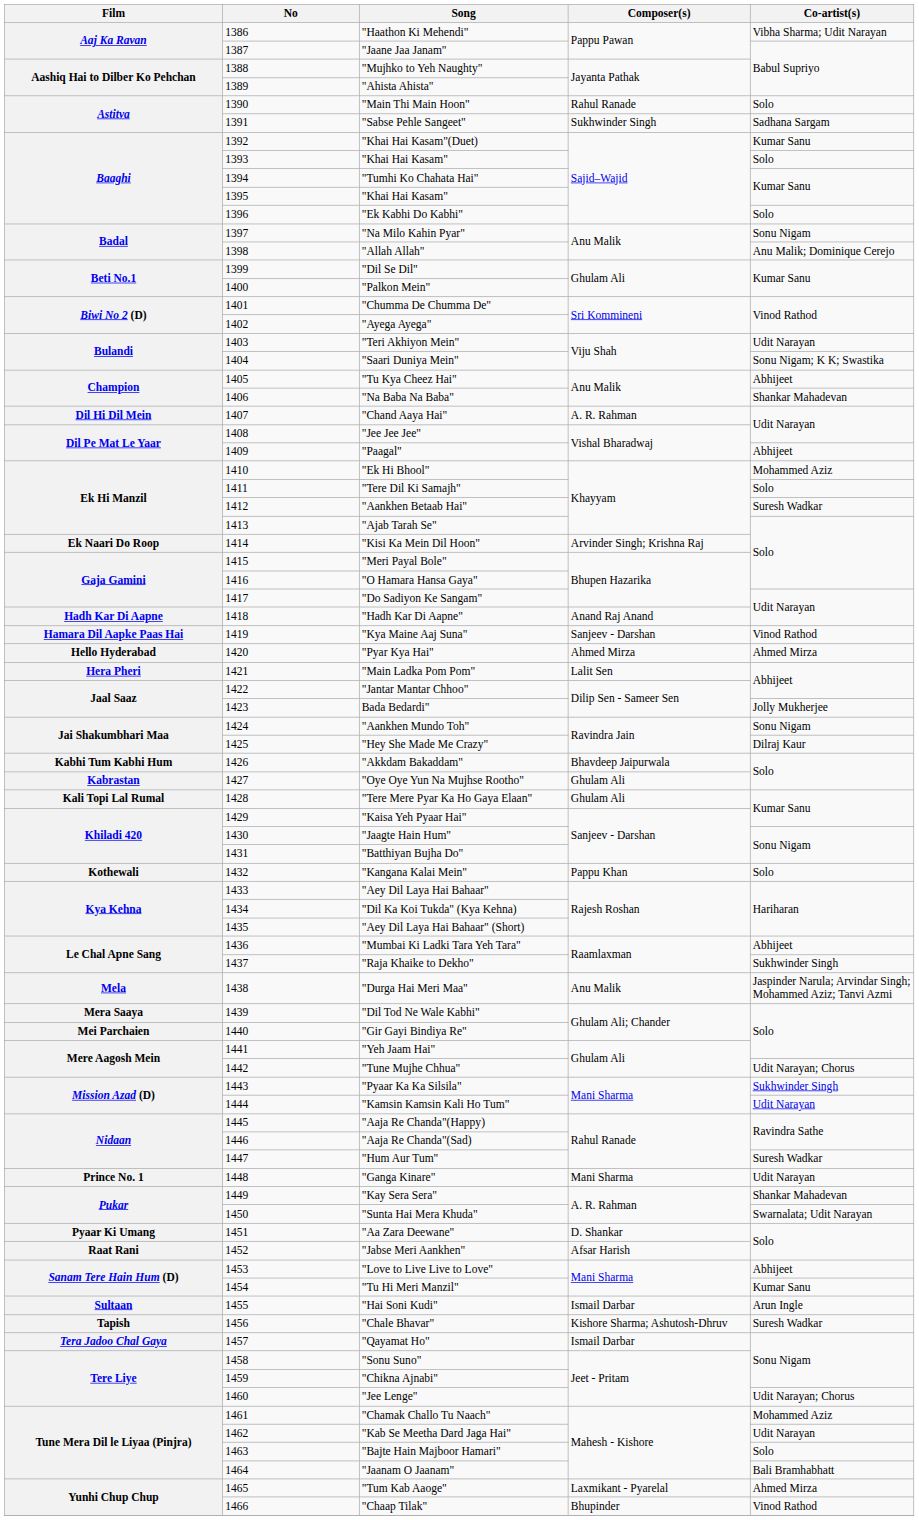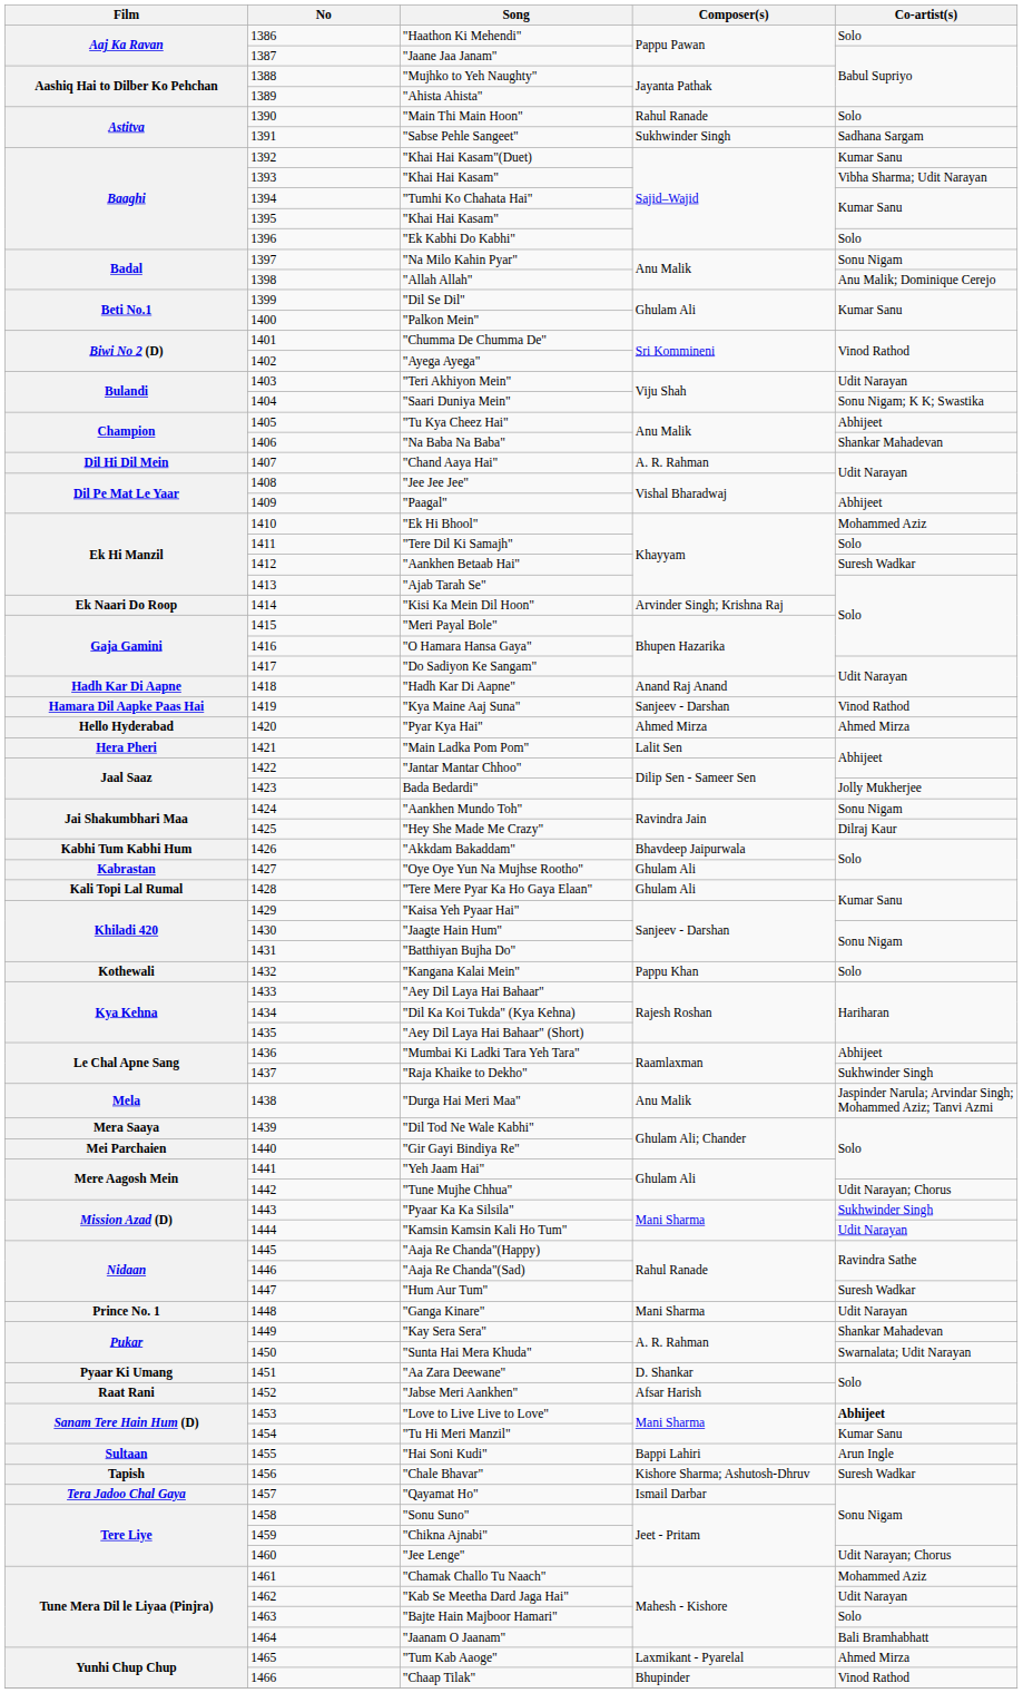 <table class="wikitable plainrowheaders" style="width:100%; textcolor:#000">
 <tr>
 <th scope="col" style="width:24%;">Film</th>
 <th>No</th>
 <th scope="col" style="width:23%;">Song</th>
 <th scope="col" style="width:20%;">Composer(s)</th>
 <th scope="col" style="width:18%;">Co-artist(s)</th>
 </tr>
 <tr>
 <th rowspan="2"><em><a href='#'>Aaj Ka Ravan</a></em></th>
 <td>1386</td>
 <td>"Haathon Ki Mehendi"</td>
 <td rowspan="2">Pappu Pawan</td>
-<td>Vibha Sharma; Udit Narayan</td>
+<td>Solo</td>
 </tr>
 <tr>
 <td>1387</td>
 <td>"Jaane Jaa Janam"</td>
 <td rowspan="3">Babul Supriyo</td>
 </tr>
 <tr>
 <th rowspan="2">Aashiq Hai to Dilber Ko Pehchan</th>
 <td>1388</td>
 <td>"Mujhko to Yeh Naughty"</td>
 <td rowspan="2">Jayanta Pathak</td>
 </tr>
 <tr>
 <td>1389</td>
 <td>"Ahista Ahista"</td>
 </tr>
 <tr>
 <th rowspan="2"><em><a href='#'>Astitva</a></em></th>
 <td>1390</td>
 <td>"Main Thi Main Hoon"</td>
 <td>Rahul Ranade</td>
 <td>Solo</td>
 </tr>
 <tr>
 <td>1391</td>
 <td>"Sabse Pehle Sangeet"</td>
 <td>Sukhwinder Singh</td>
 <td>Sadhana Sargam</td>
 </tr>
 <tr>
 <th rowspan="5"><a href='#'><em>Baaghi</em></a></th>
 <td>1392</td>
 <td>"Khai Hai Kasam"(Duet)</td>
 <td rowspan="5"><a href='#'>Sajid–Wajid</a></td>
 <td>Kumar Sanu</td>
 </tr>
 <tr>
 <td>1393</td>
 <td>"Khai Hai Kasam"</td>
-<td>Solo</td>
+<td>Vibha Sharma; Udit Narayan</td>
 </tr>
 <tr>
 <td>1394</td>
 <td>"Tumhi Ko Chahata Hai"</td>
 <td rowspan="2">Kumar Sanu</td>
 </tr>
 <tr>
 <td>1395</td>
 <td>"Khai Hai Kasam"</td>
 </tr>
 <tr>
 <td>1396</td>
 <td>"Ek Kabhi Do Kabhi"</td>
 <td>Solo</td>
 </tr>
 <tr>
 <th rowspan="2"><a href='#'>Badal</a></th>
 <td>1397</td>
 <td>"Na Milo Kahin Pyar"</td>
 <td rowspan="2">Anu Malik</td>
 <td>Sonu Nigam</td>
 </tr>
 <tr>
 <td>1398</td>
 <td>"Allah Allah"</td>
 <td>Anu Malik; Dominique Cerejo</td>
 </tr>
 <tr>
 <th rowspan="2"><a href='#'>Beti No.1</a></th>
 <td>1399</td>
 <td>"Dil Se Dil"</td>
 <td rowspan="2">Ghulam Ali</td>
 <td rowspan="2">Kumar Sanu</td>
 </tr>
 <tr>
 <td>1400</td>
 <td>"Palkon Mein"</td>
 </tr>
 <tr>
 <th rowspan="2"><a href='#'><em>Biwi No 2</em></a> (D)</th>
 <td>1401</td>
 <td>"Chumma De Chumma De"</td>
 <td rowspan="2"><a href='#'>Sri Kommineni</a></td>
 <td rowspan="2">Vinod Rathod</td>
 </tr>
 <tr>
 <td>1402</td>
 <td>"Ayega Ayega"</td>
 </tr>
 <tr>
 <th rowspan="2"><a href='#'>Bulandi</a></th>
 <td>1403</td>
 <td>"Teri Akhiyon Mein"</td>
 <td rowspan=2>Viju Shah</td>
 <td>Udit Narayan</td>
 </tr>
 <tr>
 <td>1404</td>
 <td>"Saari Duniya Mein"</td>
 <td>Sonu Nigam; K K; Swastika</td>
 </tr>
 <tr>
 <th rowspan="2"><a href='#'>Champion</a></th>
 <td>1405</td>
 <td>"Tu Kya Cheez Hai"</td>
 <td rowspan="2">Anu Malik</td>
 <td>Abhijeet</td>
 </tr>
 <tr>
 <td>1406</td>
 <td>"Na Baba Na Baba"</td>
 <td>Shankar Mahadevan</td>
 </tr>
 <tr>
 <th><a href='#'>Dil Hi Dil Mein</a></th>
 <td>1407</td>
 <td>"Chand Aaya Hai"</td>
 <td>A. R. Rahman</td>
 <td rowspan="2">Udit Narayan</td>
 </tr>
 <tr>
 <th rowspan="2"><a href='#'>Dil Pe Mat Le Yaar</a></th>
 <td>1408</td>
 <td>"Jee Jee Jee"</td>
 <td rowspan="2">Vishal Bharadwaj</td>
 </tr>
 <tr>
 <td>1409</td>
 <td>"Paagal"</td>
 <td>Abhijeet</td>
 </tr>
 <tr>
 <th rowspan="4">Ek Hi Manzil</th>
 <td>1410</td>
 <td>"Ek Hi Bhool"</td>
 <td rowspan="4">Khayyam</td>
 <td>Mohammed Aziz</td>
 </tr>
 <tr>
 <td>1411</td>
 <td>"Tere Dil Ki Samajh"</td>
 <td>Solo</td>
 </tr>
 <tr>
 <td>1412</td>
 <td>"Aankhen Betaab Hai"</td>
 <td>Suresh Wadkar</td>
 </tr>
 <tr>
 <td>1413</td>
 <td>"Ajab Tarah Se"</td>
 <td rowspan="4">Solo</td>
 </tr>
 <tr>
 <th>Ek Naari Do Roop</th>
 <td>1414</td>
 <td>"Kisi Ka Mein Dil Hoon"</td>
 <td>Arvinder Singh; Krishna Raj</td>
 </tr>
 <tr>
 <th rowspan="3"><a href='#'>Gaja Gamini</a></th>
 <td>1415</td>
 <td>"Meri Payal Bole"</td>
 <td rowspan="3">Bhupen Hazarika</td>
 </tr>
 <tr>
 <td>1416</td>
 <td>"O Hamara Hansa Gaya"</td>
 </tr>
 <tr>
 <td>1417</td>
 <td>"Do Sadiyon Ke Sangam"</td>
 <td rowspan=2>Udit Narayan</td>
 </tr>
 <tr>
 <th><a href='#'>Hadh Kar Di Aapne</a></th>
 <td>1418</td>
 <td>"Hadh Kar Di Aapne"</td>
 <td>Anand Raj Anand</td>
 </tr>
 <tr>
 <th><a href='#'>Hamara Dil Aapke Paas Hai</a></th>
 <td>1419</td>
 <td>"Kya Maine Aaj Suna"</td>
 <td>Sanjeev - Darshan</td>
 <td>Vinod Rathod</td>
 </tr>
 <tr>
 <th>Hello Hyderabad</th>
 <td>1420</td>
 <td>"Pyar Kya Hai"</td>
 <td>Ahmed Mirza</td>
 <td>Ahmed Mirza</td>
 </tr>
 <tr>
 <th><a href='#'>Hera Pheri</a></th>
 <td>1421</td>
 <td>"Main Ladka Pom Pom"</td>
 <td>Lalit Sen</td>
 <td rowspan="2">Abhijeet</td>
 </tr>
 <tr>
 <th rowspan="2">Jaal Saaz</th>
 <td>1422</td>
 <td>"Jantar Mantar Chhoo"</td>
 <td rowspan="2">Dilip Sen - Sameer Sen</td>
 </tr>
 <tr>
 <td>1423</td>
 <td>Bada Bedardi"</td>
 <td>Jolly Mukherjee</td>
 </tr>
 <tr>
 <th rowspan="2">Jai Shakumbhari Maa</th>
 <td>1424</td>
 <td>"Aankhen Mundo Toh"</td>
 <td rowspan="2">Ravindra Jain</td>
 <td>Sonu Nigam</td>
 </tr>
 <tr>
 <td>1425</td>
 <td>"Hey She Made Me Crazy"</td>
 <td>Dilraj Kaur</td>
 </tr>
 <tr>
 <th>Kabhi Tum Kabhi Hum</th>
 <td>1426</td>
 <td>"Akkdam Bakaddam"</td>
 <td>Bhavdeep Jaipurwala</td>
 <td rowspan="2">Solo</td>
 </tr>
 <tr>
 <th><a href='#'>Kabrastan</a></th>
 <td>1427</td>
 <td>"Oye Oye Yun Na Mujhse Rootho"</td>
 <td>Ghulam Ali</td>
 </tr>
 <tr>
 <th>Kali Topi Lal Rumal</th>
 <td>1428</td>
 <td>"Tere Mere Pyar Ka Ho Gaya Elaan"</td>
 <td>Ghulam Ali</td>
 <td rowspan="2">Kumar Sanu</td>
 </tr>
 <tr>
 <th rowspan="3"><a href='#'>Khiladi 420</a></th>
 <td>1429</td>
 <td>"Kaisa Yeh Pyaar Hai"</td>
 <td rowspan="3">Sanjeev - Darshan</td>
 </tr>
 <tr>
 <td>1430</td>
 <td>"Jaagte Hain Hum"</td>
 <td rowspan="2">Sonu Nigam</td>
 </tr>
 <tr>
 <td>1431</td>
 <td>"Batthiyan Bujha Do"</td>
 </tr>
 <tr>
 <th>Kothewali</th>
 <td>1432</td>
 <td>"Kangana Kalai Mein"</td>
 <td>Pappu Khan</td>
 <td>Solo</td>
 </tr>
 <tr>
 <th rowspan="3"><a href='#'>Kya Kehna</a></th>
 <td>1433</td>
 <td>"Aey Dil Laya Hai Bahaar"</td>
 <td rowspan="3">Rajesh Roshan</td>
 <td rowspan="3">Hariharan</td>
 </tr>
 <tr>
 <td>1434</td>
 <td>"Dil Ka Koi Tukda" (Kya Kehna)</td>
 </tr>
 <tr>
 <td>1435</td>
 <td>"Aey Dil Laya Hai Bahaar" (Short)</td>
 </tr>
 <tr>
 <th rowspan="2">Le Chal Apne Sang</th>
 <td>1436</td>
 <td>"Mumbai Ki Ladki Tara Yeh Tara"</td>
 <td rowspan="2">Raamlaxman</td>
 <td>Abhijeet</td>
 </tr>
 <tr>
 <td>1437</td>
 <td>"Raja Khaike to Dekho"</td>
 <td>Sukhwinder Singh</td>
 </tr>
 <tr>
 <th><a href='#'>Mela</a></th>
 <td>1438</td>
 <td>"Durga Hai Meri Maa"</td>
 <td>Anu Malik</td>
 <td>Jaspinder Narula; Arvindar Singh; Mohammed Aziz; Tanvi Azmi</td>
 </tr>
 <tr>
 <th>Mera Saaya</th>
 <td>1439</td>
 <td>"Dil Tod Ne Wale Kabhi"</td>
 <td rowspan="2">Ghulam Ali; Chander</td>
 <td rowspan="3">Solo</td>
 </tr>
 <tr>
 <th>Mei Parchaien</th>
 <td>1440</td>
 <td>"Gir Gayi Bindiya Re"</td>
 </tr>
 <tr>
 <th rowspan="2">Mere Aagosh Mein</th>
 <td>1441</td>
 <td>"Yeh Jaam Hai"</td>
 <td rowspan="2">Ghulam Ali</td>
 </tr>
 <tr>
 <td>1442</td>
 <td>"Tune Mujhe Chhua"</td>
 <td>Udit Narayan;  Chorus</td>
 </tr>
 <tr>
 <th rowspan="2"><a href='#'><em>Mission Azad</em></a> (D)</th>
 <td>1443</td>
 <td>"Pyaar Ka Ka Silsila"</td>
 <td rowspan="2"><a href='#'>Mani Sharma</a></td>
 <td><a href='#'>Sukhwinder Singh</a></td>
 </tr>
 <tr>
 <td>1444</td>
 <td>"Kamsin Kamsin Kali Ho Tum"</td>
 <td><a href='#'>Udit Narayan</a></td>
 </tr>
 <tr>
 <th rowspan="3"><em><a href='#'>Nidaan</a></em></th>
 <td>1445</td>
 <td>"Aaja Re Chanda"(Happy)</td>
 <td rowspan="3">Rahul Ranade</td>
 <td rowspan="2">Ravindra Sathe</td>
 </tr>
 <tr>
 <td>1446</td>
 <td>"Aaja Re Chanda"(Sad)</td>
 </tr>
 <tr>
 <td>1447</td>
 <td>"Hum Aur Tum"</td>
 <td>Suresh Wadkar</td>
 </tr>
 <tr>
 <th>Prince No. 1</th>
 <td>1448</td>
 <td>"Ganga Kinare"</td>
 <td>Mani Sharma</td>
 <td>Udit Narayan</td>
 </tr>
 <tr>
 <th rowspan="2"><a href='#'><em>Pukar</em></a></th>
 <td>1449</td>
 <td>"Kay Sera Sera"</td>
 <td rowspan="2">A. R. Rahman</td>
 <td>Shankar Mahadevan</td>
 </tr>
 <tr>
 <td>1450</td>
 <td>"Sunta Hai Mera Khuda"</td>
 <td>Swarnalata; Udit Narayan</td>
 </tr>
 <tr>
 <th>Pyaar Ki Umang</th>
 <td>1451</td>
 <td>"Aa Zara Deewane"</td>
 <td>D. Shankar</td>
 <td rowspan="2">Solo</td>
 </tr>
 <tr>
 <th>Raat Rani</th>
 <td>1452</td>
 <td>"Jabse Meri Aankhen"</td>
 <td>Afsar Harish</td>
 </tr>
 <tr>
 <th rowspan="2"><a href='#'><em>Sanam Tere Hain Hum</em></a> (D)</th>
 <td>1453</td>
 <td>"Love to Live Live to Love"</td>
 <td rowspan="2"><a href='#'>Mani Sharma</a></td>
-<td>Abhijeet</td>
+<td><strong>Abhijeet</strong></td>
 </tr>
 <tr>
 <td>1454</td>
 <td>"Tu Hi Meri Manzil"</td>
 <td>Kumar Sanu</td>
 </tr>
 <tr>
 <th><a href='#'>Sultaan</a></th>
 <td>1455</td>
 <td>"Hai Soni Kudi"</td>
-<td>Ismail Darbar</td>
+<td>Bappi Lahiri</td>
 <td>Arun Ingle</td>
 </tr>
 <tr>
 <th>Tapish</th>
 <td>1456</td>
 <td>"Chale Bhavar"</td>
 <td>Kishore Sharma; Ashutosh-Dhruv</td>
 <td>Suresh Wadkar</td>
 </tr>
 <tr>
 <th><em><a href='#'>Tera Jadoo Chal Gaya</a></em></th>
 <td>1457</td>
 <td>"Qayamat Ho"</td>
 <td>Ismail Darbar</td>
 <td rowspan="3">Sonu Nigam</td>
 </tr>
 <tr>
 <th rowspan="3"><a href='#'>Tere Liye</a></th>
 <td>1458</td>
 <td>"Sonu Suno"</td>
 <td rowspan="3">Jeet - Pritam</td>
 </tr>
 <tr>
 <td>1459</td>
 <td>"Chikna Ajnabi"</td>
 </tr>
 <tr>
 <td>1460</td>
 <td>"Jee Lenge"</td>
 <td>Udit Narayan;  Chorus</td>
 </tr>
 <tr>
 <th rowspan="4">Tune Mera Dil le Liyaa (Pinjra)</th>
 <td>1461</td>
 <td>"Chamak Challo Tu Naach"</td>
 <td rowspan="4">Mahesh - Kishore</td>
 <td>Mohammed Aziz</td>
 </tr>
 <tr>
 <td>1462</td>
 <td>"Kab Se Meetha Dard Jaga Hai"</td>
 <td>Udit Narayan</td>
 </tr>
 <tr>
 <td>1463</td>
 <td>"Bajte Hain Majboor Hamari"</td>
 <td>Solo</td>
 </tr>
 <tr>
 <td>1464</td>
 <td>"Jaanam O Jaanam"</td>
 <td>Bali Bramhabhatt</td>
 </tr>
 <tr>
 <th rowspan="2">Yunhi Chup Chup</th>
 <td>1465</td>
 <td>"Tum Kab Aaoge"</td>
 <td>Laxmikant - Pyarelal</td>
 <td>Ahmed Mirza</td>
 </tr>
 <tr>
 <td>1466</td>
 <td>"Chaap Tilak"</td>
 <td>Bhupinder</td>
 <td>Vinod Rathod</td>
 </tr>
 <tr>
 </tr>
 </table>
